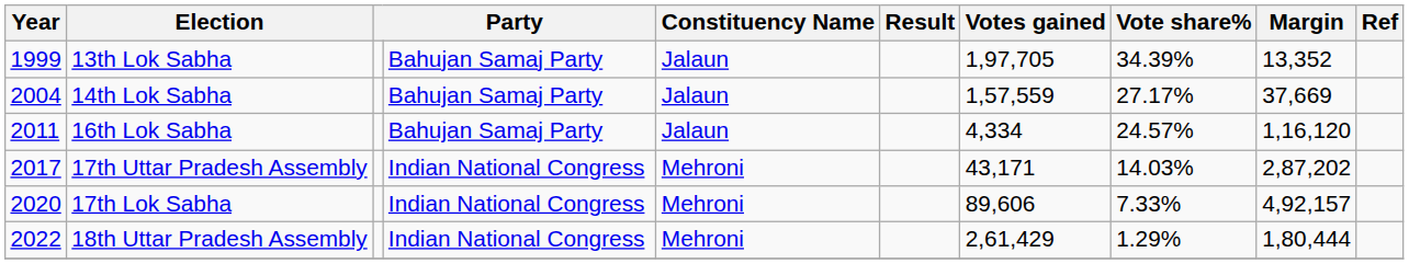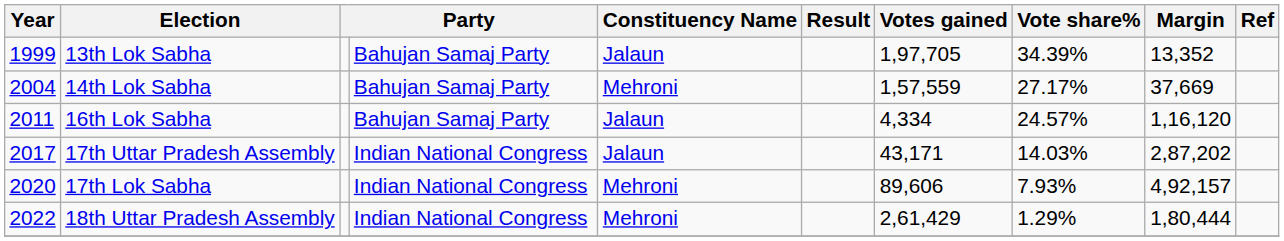 <table class="wikitable">
 <tr>
 <th>Year</th>
 <th>Election</th>
 <th colspan="2">Party</th>
 <th>Constituency Name</th>
 <th>Result</th>
 <th>Votes gained</th>
 <th>Vote share%</th>
 <th>Margin</th>
 <th>Ref</th>
 </tr>
 <tr>
 <td><a href='#'>1999</a></td>
 <td><a href='#'>13th Lok Sabha</a></td>
 <td style="background-color: "></td>
 <td><a href='#'>Bahujan Samaj Party</a> </td>
 <td><a href='#'>Jalaun</a></td>
 <td></td>
 <td>1,97,705</td>
 <td>34.39%</td>
 <td>13,352</td>
 <td></td>
 </tr>
 <tr>
 <td><a href='#'>2004</a></td>
 <td><a href='#'>14th Lok Sabha</a></td>
 <td style="background-color: "></td>
 <td><a href='#'>Bahujan Samaj Party</a> </td>
-<td><a href='#'>Jalaun</a></td>
+<td><a href='#'>Mehroni</a></td>
 <td></td>
 <td>1,57,559</td>
 <td>27.17%</td>
 <td>37,669</td>
 <td></td>
 </tr>
 <tr>
 <td><a href='#'>2011</a></td>
 <td><a href='#'>16th Lok Sabha</a></td>
 <td style="background-color: "></td>
 <td><a href='#'>Bahujan Samaj Party</a> </td>
 <td><a href='#'>Jalaun</a></td>
 <td></td>
 <td>4,334</td>
 <td>24.57%</td>
 <td>1,16,120</td>
 <td></td>
 </tr>
 <tr>
 <td><a href='#'>2017</a></td>
 <td><a href='#'>17th Uttar Pradesh Assembly</a></td>
 <td style="background-color: "></td>
 <td><a href='#'>Indian National Congress</a> </td>
-<td><a href='#'>Mehroni</a></td>
+<td><a href='#'>Jalaun</a></td>
 <td></td>
 <td>43,171</td>
 <td>14.03%</td>
 <td>2,87,202</td>
 <td></td>
 </tr>
 <tr>
 <td><a href='#'>2020</a></td>
 <td><a href='#'>17th Lok Sabha</a></td>
 <td style="background-color: "></td>
 <td><a href='#'>Indian National Congress</a> </td>
 <td><a href='#'>Mehroni</a></td>
 <td></td>
 <td>89,606</td>
-<td>7.33%</td>
+<td>7.93%</td>
 <td>4,92,157</td>
 <td></td>
 </tr>
 <tr>
 <td><a href='#'>2022</a></td>
 <td><a href='#'>18th Uttar Pradesh Assembly</a></td>
 <td style="background-color: "></td>
 <td><a href='#'>Indian National Congress</a> </td>
 <td><a href='#'>Mehroni</a></td>
 <td></td>
 <td>2,61,429</td>
 <td>1.29%</td>
 <td>1,80,444</td>
 <td></td>
 </tr>
 <tr>
 </tr>
 </table>
